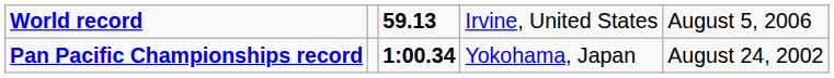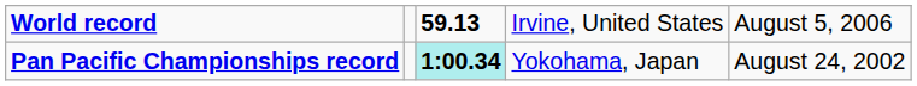 <table class="wikitable">
 <tr>
 <td><strong><a href='#'>World record</a></strong></td>
 <td></td>
 <td><strong>59.13</strong></td>
 <td><a href='#'>Irvine</a>, United States</td>
 <td>August 5, 2006</td>
 </tr>
 <tr>
 <td><strong><a href='#'>Pan Pacific Championships record</a></strong></td>
 <td></td>
-<td><strong>1:00.34</strong></td>
+<td style="background: paleturquoise;"><strong>1:00.34</strong></td>
 <td><a href='#'>Yokohama</a>, Japan</td>
 <td>August 24, 2002</td>
 </tr>
 </table>
